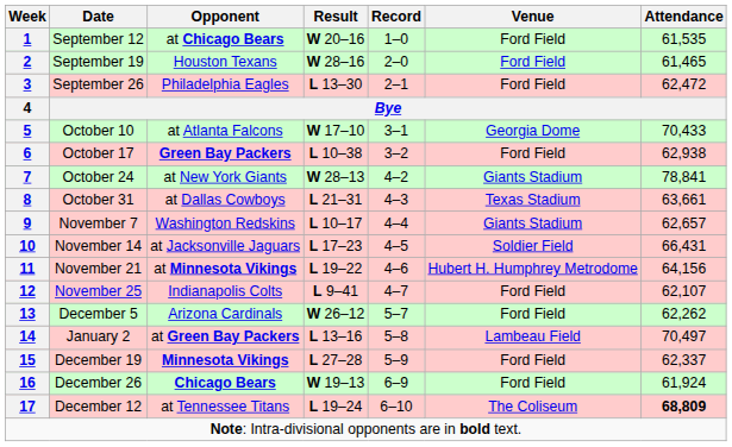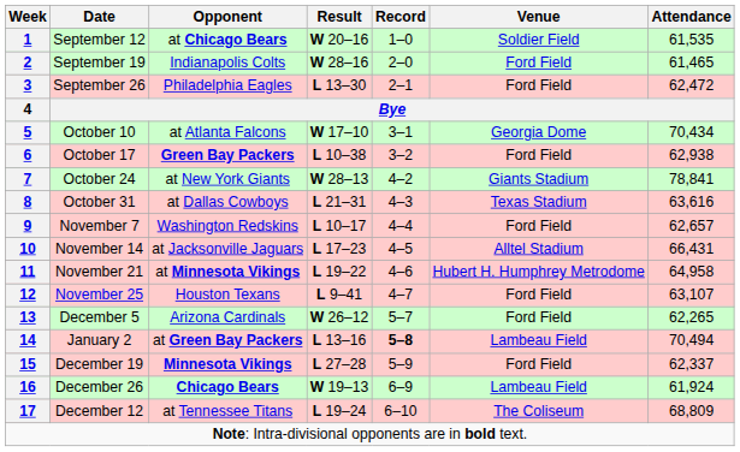 <table class="wikitable" style="text-align:center">
 <tr>
 <th>Week</th>
 <th>Date</th>
 <th>Opponent</th>
 <th>Result</th>
 <th>Record</th>
 <th>Venue</th>
 <th>Attendance</th>
 </tr>
 <tr style="background:#cfc">
 <th><a href='#'>1</a></th>
 <td>September 12</td>
 <td>at <strong><a href='#'>Chicago Bears</a></strong></td>
 <td><strong>W</strong> 20–16</td>
 <td>1–0</td>
-<td>Ford Field</td>
+<td><a href='#'>Soldier Field</a></td>
 <td>61,535</td>
 </tr>
 <tr style="background:#cfc">
 <th><a href='#'>2</a></th>
 <td>September 19</td>
-<td><a href='#'>Houston Texans</a></td>
+<td><a href='#'>Indianapolis Colts</a></td>
 <td><strong>W</strong> 28–16</td>
 <td>2–0</td>
 <td><a href='#'>Ford Field</a></td>
 <td>61,465</td>
 </tr>
 <tr style="background:#fcc">
 <th><a href='#'>3</a></th>
 <td>September 26</td>
 <td><a href='#'>Philadelphia Eagles</a></td>
 <td><strong>L</strong> 13–30</td>
 <td>2–1</td>
 <td>Ford Field</td>
 <td>62,472</td>
 </tr>
 <tr>
 <th>4</th>
 <th colspan="6"><em><a href='#'>Bye</a></em></th>
 </tr>
 <tr style="background:#cfc">
 <th><a href='#'>5</a></th>
 <td>October 10</td>
 <td>at <a href='#'>Atlanta Falcons</a></td>
 <td><strong>W</strong> 17–10</td>
 <td>3–1</td>
 <td><a href='#'>Georgia Dome</a></td>
-<td>70,433</td>
+<td>70,434</td>
 </tr>
 <tr style="background:#fcc">
 <th><a href='#'>6</a></th>
 <td>October 17</td>
 <td><strong><a href='#'>Green Bay Packers</a></strong></td>
 <td><strong>L</strong> 10–38</td>
 <td>3–2</td>
 <td>Ford Field</td>
 <td>62,938</td>
 </tr>
 <tr style="background:#cfc">
 <th><a href='#'>7</a></th>
 <td>October 24</td>
 <td>at <a href='#'>New York Giants</a></td>
 <td><strong>W</strong> 28–13</td>
 <td>4–2</td>
 <td><a href='#'>Giants Stadium</a></td>
 <td>78,841</td>
 </tr>
 <tr style="background:#fcc">
 <th><a href='#'>8</a></th>
 <td>October 31</td>
 <td>at <a href='#'>Dallas Cowboys</a></td>
 <td><strong>L</strong> 21–31</td>
 <td>4–3</td>
 <td><a href='#'>Texas Stadium</a></td>
-<td>63,661</td>
+<td>63,616</td>
 </tr>
 <tr style="background:#fcc">
 <th><a href='#'>9</a></th>
 <td>November 7</td>
 <td><a href='#'>Washington Redskins</a></td>
 <td><strong>L</strong> 10–17</td>
 <td>4–4</td>
-<td><a href='#'>Giants Stadium</a></td>
+<td>Ford Field</td>
 <td>62,657</td>
 </tr>
 <tr style="background:#fcc">
 <th><a href='#'>10</a></th>
 <td>November 14</td>
 <td>at <a href='#'>Jacksonville Jaguars</a></td>
 <td><strong>L</strong> 17–23 </td>
 <td>4–5</td>
-<td><a href='#'>Soldier Field</a></td>
+<td><a href='#'>Alltel Stadium</a></td>
 <td>66,431</td>
 </tr>
 <tr style="background:#fcc">
 <th><a href='#'>11</a></th>
 <td>November 21</td>
 <td>at <strong><a href='#'>Minnesota Vikings</a></strong></td>
 <td><strong>L</strong> 19–22</td>
 <td>4–6</td>
 <td><a href='#'>Hubert H. Humphrey Metrodome</a></td>
-<td>64,156</td>
+<td>64,958</td>
 </tr>
 <tr style="background:#fcc">
 <th><a href='#'>12</a></th>
 <td><a href='#'>November 25</a></td>
-<td><a href='#'>Indianapolis Colts</a></td>
+<td><a href='#'>Houston Texans</a></td>
 <td><strong>L</strong> 9–41</td>
 <td>4–7</td>
 <td>Ford Field</td>
-<td>62,107</td>
+<td>63,107</td>
 </tr>
 <tr style="background:#cfc">
 <th><a href='#'>13</a></th>
 <td>December 5</td>
 <td><a href='#'>Arizona Cardinals</a></td>
 <td><strong>W</strong> 26–12</td>
 <td>5–7</td>
 <td>Ford Field</td>
-<td>62,262</td>
+<td>62,265</td>
 </tr>
 <tr style="background:#fcc">
 <th><a href='#'>14</a></th>
 <td>January 2</td>
 <td>at <strong><a href='#'>Green Bay Packers</a></strong></td>
 <td><strong>L</strong> 13–16</td>
-<td>5–8</td>
+<td><strong>5–8</strong></td>
 <td><a href='#'>Lambeau Field</a></td>
-<td>70,497</td>
+<td>70,494</td>
 </tr>
 <tr style="background:#fcc">
 <th><a href='#'>15</a></th>
 <td>December 19</td>
 <td><strong><a href='#'>Minnesota Vikings</a></strong></td>
 <td><strong>L</strong> 27–28</td>
 <td>5–9</td>
 <td>Ford Field</td>
 <td>62,337</td>
 </tr>
 <tr style="background:#cfc">
 <th><a href='#'>16</a></th>
 <td>December 26</td>
 <td><strong><a href='#'>Chicago Bears</a></strong></td>
 <td><strong>W</strong> 19–13</td>
 <td>6–9</td>
-<td>Ford Field</td>
+<td><a href='#'>Lambeau Field</a></td>
 <td>61,924</td>
 </tr>
 <tr style="background:#fcc">
 <th><a href='#'>17</a></th>
 <td>December 12</td>
 <td>at <a href='#'>Tennessee Titans</a></td>
 <td><strong>L</strong> 19–24</td>
 <td>6–10</td>
 <td><a href='#'>The Coliseum</a></td>
-<td><strong>68,809</strong></td>
+<td>68,809</td>
 </tr>
 <tr>
 <td colspan="7"><strong>Note</strong>: Intra-divisional opponents are in <strong>bold</strong> text.</td>
 </tr>
 </table>
